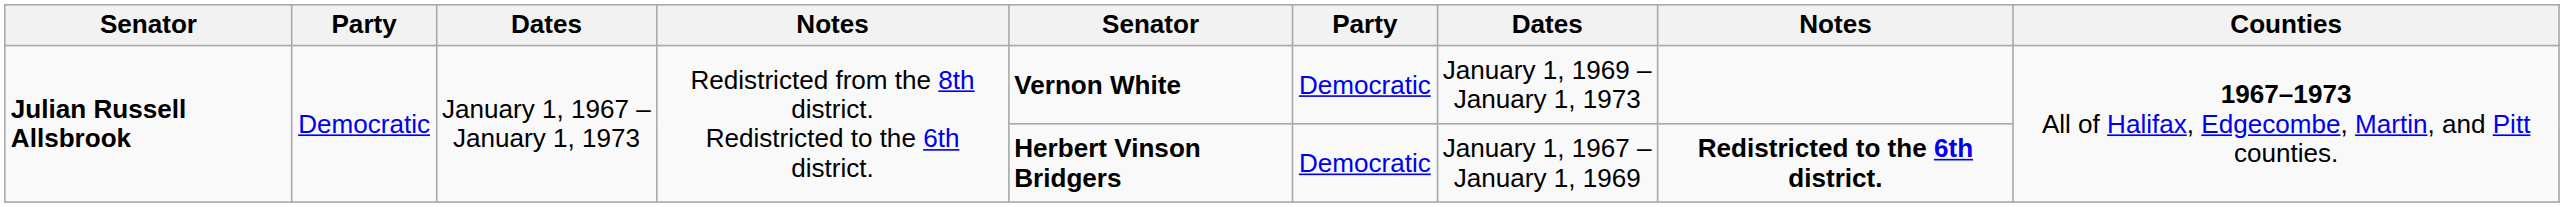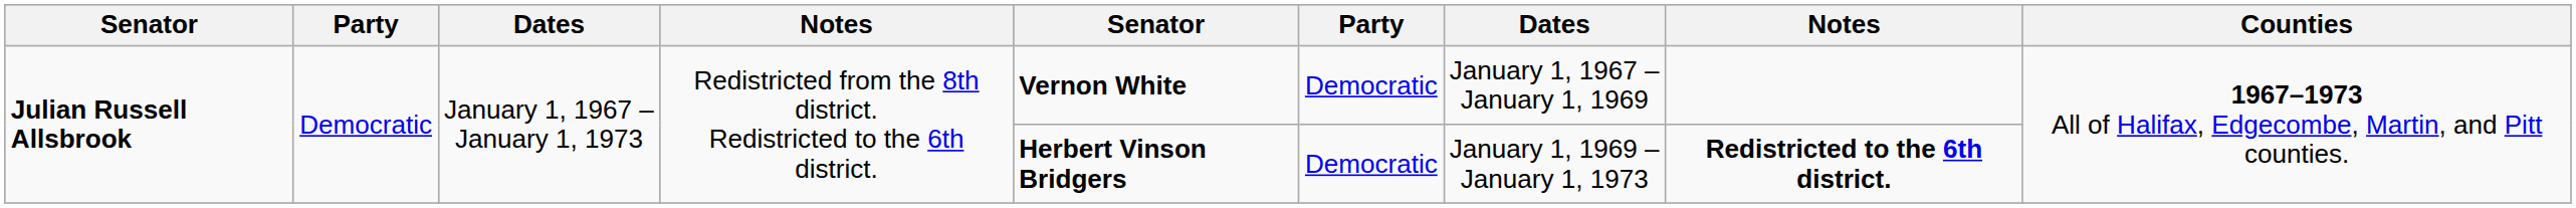 <table class=wikitable style="text-align:center">
 <tr>
 <th>Senator</th>
 <th>Party</th>
 <th>Dates</th>
 <th>Notes</th>
 <th>Senator</th>
 <th>Party</th>
 <th>Dates</th>
 <th>Notes</th>
 <th>Counties</th>
 </tr>
 <tr style="height:3em">
 <td rowspan=2 align=left><strong>Julian Russell Allsbrook</strong></td>
 <td rowspan=2 ><a href='#'>Democratic</a></td>
 <td rowspan=2 nowrap>January 1, 1967 – <br> January 1, 1973</td>
 <td rowspan=2>Redistricted from the <a href='#'>8th</a> district. <br> Redistricted to the <a href='#'>6th</a> district.</td>
 <td align=left><strong>Vernon White</strong></td>
 <td><a href='#'>Democratic</a></td>
-<td nowrap>January 1, 1969 – <br> January 1, 1973</td>
+<td nowrap>January 1, 1967 – <br> January 1, 1969</td>
 <td></td>
 <td rowspan=2><strong>1967–1973</strong> <br> All of <a href='#'>Halifax</a>, <a href='#'>Edgecombe</a>, <a href='#'>Martin</a>, and <a href='#'>Pitt</a> counties.</td>
 </tr>
 <tr style="height:3em">
 <td align=left><strong>Herbert Vinson Bridgers</strong></td>
 <td><a href='#'>Democratic</a></td>
-<td nowrap>January 1, 1967 – <br> January 1, 1969</td>
+<td nowrap>January 1, 1969 – <br> January 1, 1973</td>
 <td><strong>Redistricted to the <a href='#'>6th</a> district.</strong></td>
 </tr>
 </table>
